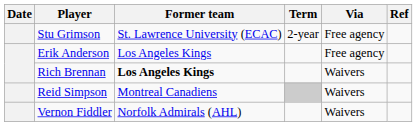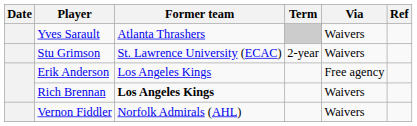 <table class="wikitable plainrowheaders">
 <tr style="background:#ddd; text-align:center;">
 <th>Date</th>
 <th>Player</th>
 <th>Former team</th>
 <th>Term</th>
 <th>Via</th>
 <th>Ref</th>
 </tr>
 <tr>
 <th scope="row"></th>
+<td><a href='#'>Yves Sarault</a></td>
+<td><a href='#'>Atlanta Thrashers</a></td>
+<td style="background:#ccc"></td>
+<td>Waivers</td>
+<td></td>
+</tr>
+<tr>
+<th scope="row"></th>
 <td><a href='#'>Stu Grimson</a></td>
 <td><a href='#'>St. Lawrence University</a> (<a href='#'>ECAC</a>)</td>
 <td>2-year</td>
-<td>Free agency</td>
+<td>Waivers</td>
 <td></td>
 </tr>
 <tr>
 <th scope="row" rowspan=2></th>
 <td><a href='#'>Erik Anderson</a></td>
 <td><a href='#'>Los Angeles Kings</a></td>
 <td></td>
 <td>Free agency</td>
 <td></td>
 </tr>
 <tr>
 <td><a href='#'>Rich Brennan</a></td>
 <td><strong>Los Angeles Kings</strong></td>
 <td></td>
 <td>Waivers</td>
 <td></td>
 </tr>
 <tr>
 <th scope="row"></th>
-<td><a href='#'>Reid Simpson</a></td>
-<td><a href='#'>Montreal Canadiens</a></td>
-<td style="background:#ccc"></td>
-<td>Waivers</td>
-<td></td>
-</tr>
-<tr>
-<th scope="row"></th>
 <td><a href='#'>Vernon Fiddler</a></td>
 <td><a href='#'>Norfolk Admirals</a> (<a href='#'>AHL</a>)</td>
 <td></td>
 <td>Waivers</td>
 <td></td>
 </tr>
 </table>
